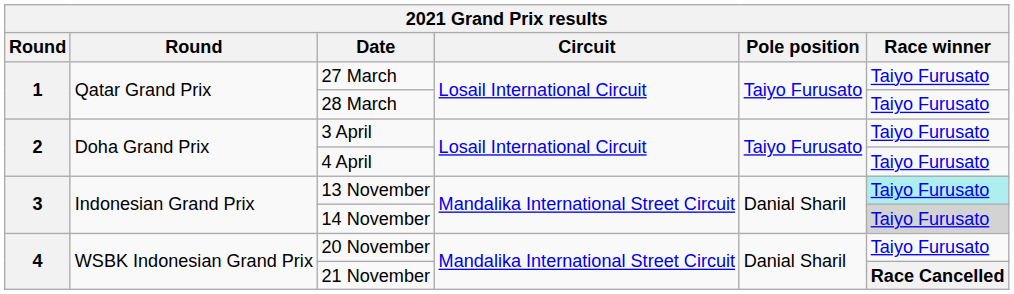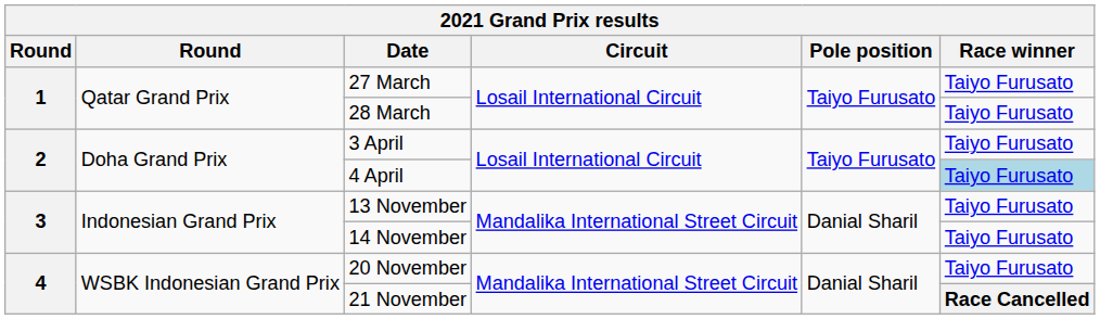 <table class="wikitable" style="font-size: 85%">
 <tr>
 <th colspan=7>2021 Grand Prix results</th>
 </tr>
 <tr>
 <th>Round</th>
 <th>Round</th>
 <th>Date</th>
 <th>Circuit</th>
 <th>Pole position</th>
 <th>Race winner</th>
 </tr>
 <tr>
 <th rowspan=2>1</th>
 <td rowspan=2> Qatar Grand Prix</td>
 <td rowspan=1>27 March</td>
 <td rowspan=2><a href='#'>Losail International Circuit</a></td>
 <td rowspan=2> <a href='#'>Taiyo Furusato</a></td>
 <td rowspan=1> <a href='#'>Taiyo Furusato</a></td>
 </tr>
 <tr>
 <td>28 March</td>
 <td> <a href='#'>Taiyo Furusato</a></td>
 </tr>
 <tr>
 <th rowspan=2>2</th>
 <td rowspan=2> Doha Grand Prix</td>
 <td rowspan=1>3 April</td>
 <td rowspan=2><a href='#'>Losail International Circuit</a></td>
 <td rowspan=2> <a href='#'>Taiyo Furusato</a></td>
 <td rowspan=1> <a href='#'>Taiyo Furusato</a></td>
 </tr>
 <tr>
 <td>4 April</td>
-<td> <a href='#'>Taiyo Furusato</a></td>
+<td style="background: lightblue;"> <a href='#'>Taiyo Furusato</a></td>
 </tr>
 <tr>
 <th rowspan=2>3</th>
 <td rowspan=2> Indonesian Grand Prix</td>
 <td rowspan=1>13 November</td>
 <td rowspan=2><a href='#'>Mandalika International Street Circuit</a></td>
 <td rowspan=2> Danial Sharil</td>
-<td rowspan=1 style="background: paleturquoise;"> <a href='#'>Taiyo Furusato</a></td>
+<td rowspan=1> <a href='#'>Taiyo Furusato</a></td>
 </tr>
 <tr>
 <td>14 November</td>
-<td style="background: lightgrey;"> <a href='#'>Taiyo Furusato</a></td>
+<td> <a href='#'>Taiyo Furusato</a></td>
 </tr>
 <tr>
 <th rowspan=2>4</th>
 <td rowspan=2> WSBK Indonesian Grand Prix</td>
 <td rowspan=1>20 November</td>
 <td rowspan=2><a href='#'>Mandalika International Street Circuit</a></td>
 <td rowspan=2> Danial Sharil</td>
 <td rowspan=1> <a href='#'>Taiyo Furusato</a></td>
 </tr>
 <tr>
 <td>21 November</td>
 <th colspan=1>Race Cancelled </th>
 </tr>
 </table>
